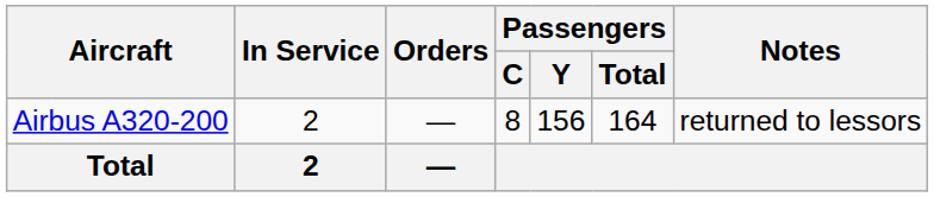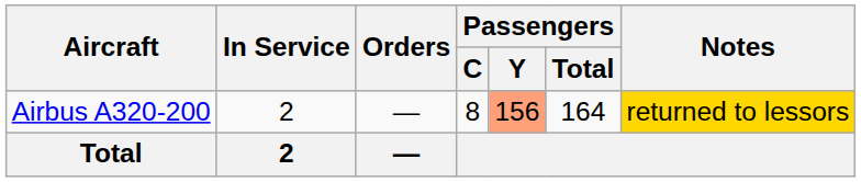 <table class="wikitable" style="border-collapse:collapse;text-align:center;margin:1em auto;">
 <tr>
 <th rowspan="2">Aircraft</th>
 <th rowspan="2">In Service</th>
 <th rowspan="2">Orders</th>
 <th colspan="3">Passengers</th>
 <th rowspan="2">Notes</th>
 </tr>
 <tr>
 <th><abbr>C</abbr></th>
 <th><abbr>Y</abbr></th>
 <th>Total</th>
 </tr>
 <tr>
 <td><a href='#'>Airbus A320-200</a></td>
 <td>2</td>
 <td>—</td>
 <td>8</td>
-<td>156</td>
+<td style="background: lightsalmon;">156</td>
 <td>164</td>
-<td>returned to lessors</td>
+<td style="background: gold;">returned to lessors</td>
 </tr>
 <tr>
 <th>Total</th>
 <th>2</th>
 <th>—</th>
 <th colspan="4"></th>
 </tr>
 </table>
